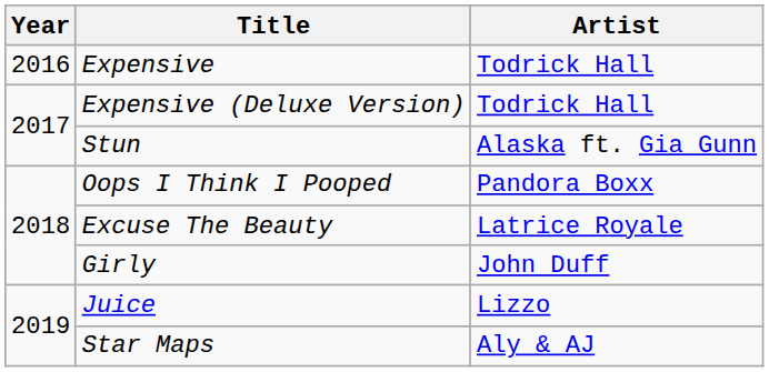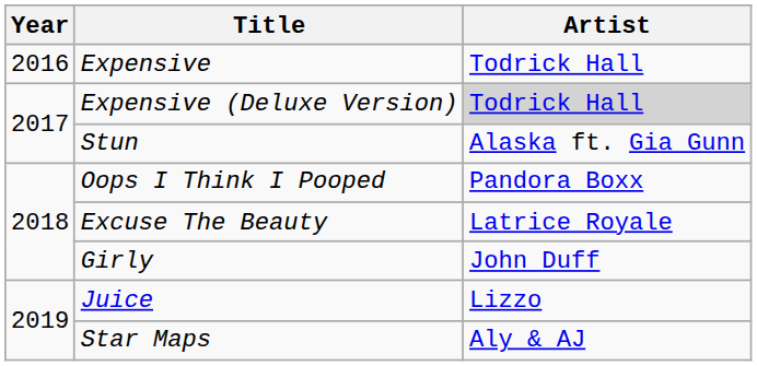 <table class="wikitable">
 <tr>
 <th>Year</th>
 <th>Title</th>
 <th>Artist</th>
 </tr>
 <tr>
 <td>2016</td>
 <td><em>Expensive</em></td>
 <td><a href='#'>Todrick Hall</a></td>
 </tr>
 <tr>
 <td rowspan="2">2017</td>
 <td><em>Expensive (Deluxe Version)</em></td>
-<td><a href='#'>Todrick Hall</a></td>
+<td style="background: lightgrey;"><a href='#'>Todrick Hall</a></td>
 </tr>
 <tr>
 <td><em>Stun</em></td>
 <td><a href='#'>Alaska</a> ft. <a href='#'>Gia Gunn</a></td>
 </tr>
 <tr>
 <td rowspan="3">2018</td>
 <td><em>Oops I Think I Pooped</em></td>
 <td><a href='#'>Pandora Boxx</a></td>
 </tr>
 <tr>
 <td><em>Excuse The Beauty</em></td>
 <td><a href='#'>Latrice Royale</a></td>
 </tr>
 <tr>
 <td><em>Girly</em></td>
 <td><a href='#'>John Duff</a></td>
 </tr>
 <tr>
 <td rowspan="2">2019</td>
 <td><em><a href='#'>Juice</a></em></td>
 <td><a href='#'>Lizzo</a></td>
 </tr>
 <tr>
 <td><em>Star Maps</em></td>
 <td><a href='#'>Aly & AJ</a></td>
 </tr>
 </table>
